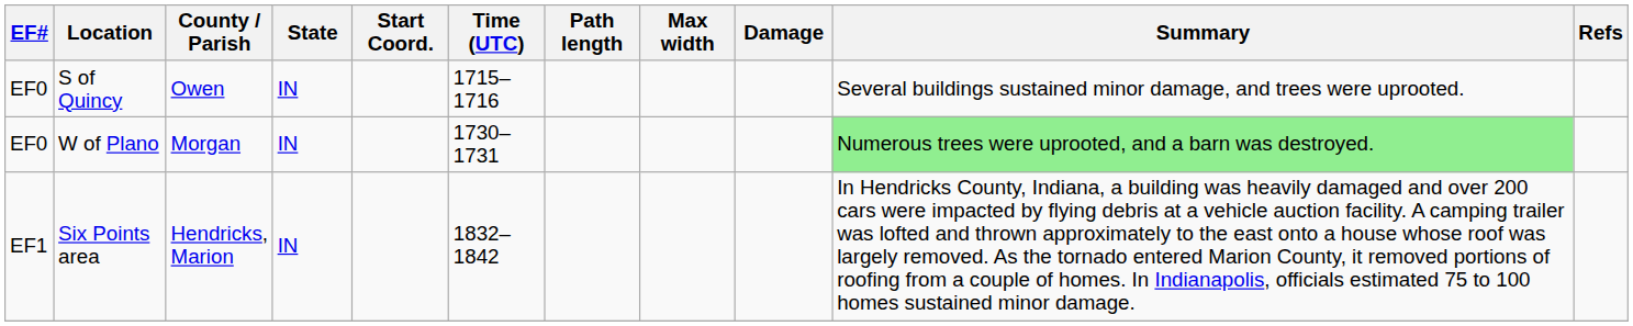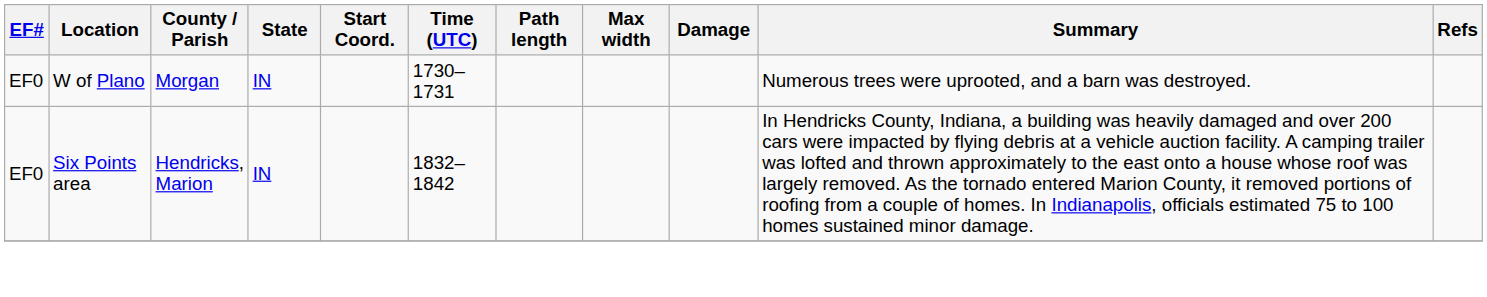 <table class="wikitable sortable" style="width:100%;">
 <tr>
 <th scope="col" width="3%" align="center"><a href='#'>EF#</a></th>
 <th scope="col" width="7%" align="center" class="unsortable">Location</th>
 <th scope="col" width="6%" align="center" class="unsortable">County / Parish</th>
 <th scope="col" width="5%" align="center">State</th>
 <th scope="col" width="6%" align="center">Start Coord.</th>
 <th scope="col" width="6%" align="center">Time (<a href='#'>UTC</a>)</th>
 <th scope="col" width="6%" align="center">Path length</th>
 <th scope="col" width="6%" align="center">Max width</th>
 <th scope="col" width="6%" align="center">Damage</th>
 <th scope="col" width="48%" class="unsortable" align="center">Summary</th>
 <th scope="col" width="48%" class="unsortable" align="center">Refs</th>
 </tr>
 <tr>
 <td>EF0</td>
-<td>S of <a href='#'>Quincy</a></td>
-<td><a href='#'>Owen</a></td>
-<td><a href='#'>IN</a></td>
-<td></td>
-<td>1715–1716</td>
-<td></td>
-<td></td>
-<td></td>
-<td>Several buildings sustained minor damage, and trees were uprooted.</td>
-<td></td>
-</tr>
-<tr>
-<td>EF0</td>
 <td>W of <a href='#'>Plano</a></td>
 <td><a href='#'>Morgan</a></td>
 <td><a href='#'>IN</a></td>
 <td></td>
 <td>1730–1731</td>
 <td></td>
 <td></td>
 <td></td>
-<td style="background: lightgreen;">Numerous trees were uprooted, and a barn was destroyed.</td>
+<td>Numerous trees were uprooted, and a barn was destroyed.</td>
 <td></td>
 </tr>
 <tr>
-<td>EF1</td>
+<td>EF0</td>
 <td><a href='#'>Six Points</a> area</td>
 <td><a href='#'>Hendricks</a>, <a href='#'>Marion</a></td>
 <td><a href='#'>IN</a></td>
 <td></td>
 <td>1832–1842</td>
 <td></td>
 <td></td>
 <td></td>
 <td>In Hendricks County, Indiana, a building was heavily damaged and over 200 cars were impacted by flying debris at a vehicle auction facility. A camping trailer was lofted and thrown approximately  to the east onto a house whose roof was largely removed. As the tornado entered Marion County, it removed portions of roofing from a couple of homes. In <a href='#'>Indianapolis</a>, officials estimated 75 to 100 homes sustained minor damage.</td>
 <td></td>
 </tr>
 <tr>
 </tr>
 </table>
